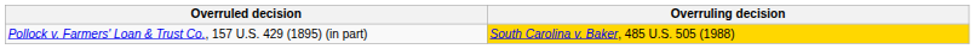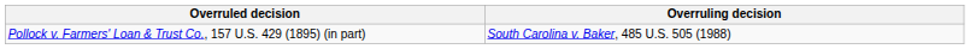 <table class="wikitable sortable collapsible" style="width:100%">
 <tr>
 <th width="50%">Overruled decision</th>
 <th width="50%">Overruling decision</th>
 </tr>
 <tr valign="top">
 <td><em><a href='#'>Pollock v. Farmers' Loan & Trust Co.</a></em>, 157 U.S. 429 (1895) (in part)</td>
-<td style="background: gold;"><em><a href='#'>South Carolina v. Baker</a></em>, 485 U.S. 505 (1988)</td>
+<td><em><a href='#'>South Carolina v. Baker</a></em>, 485 U.S. 505 (1988)</td>
 </tr>
 </table>
